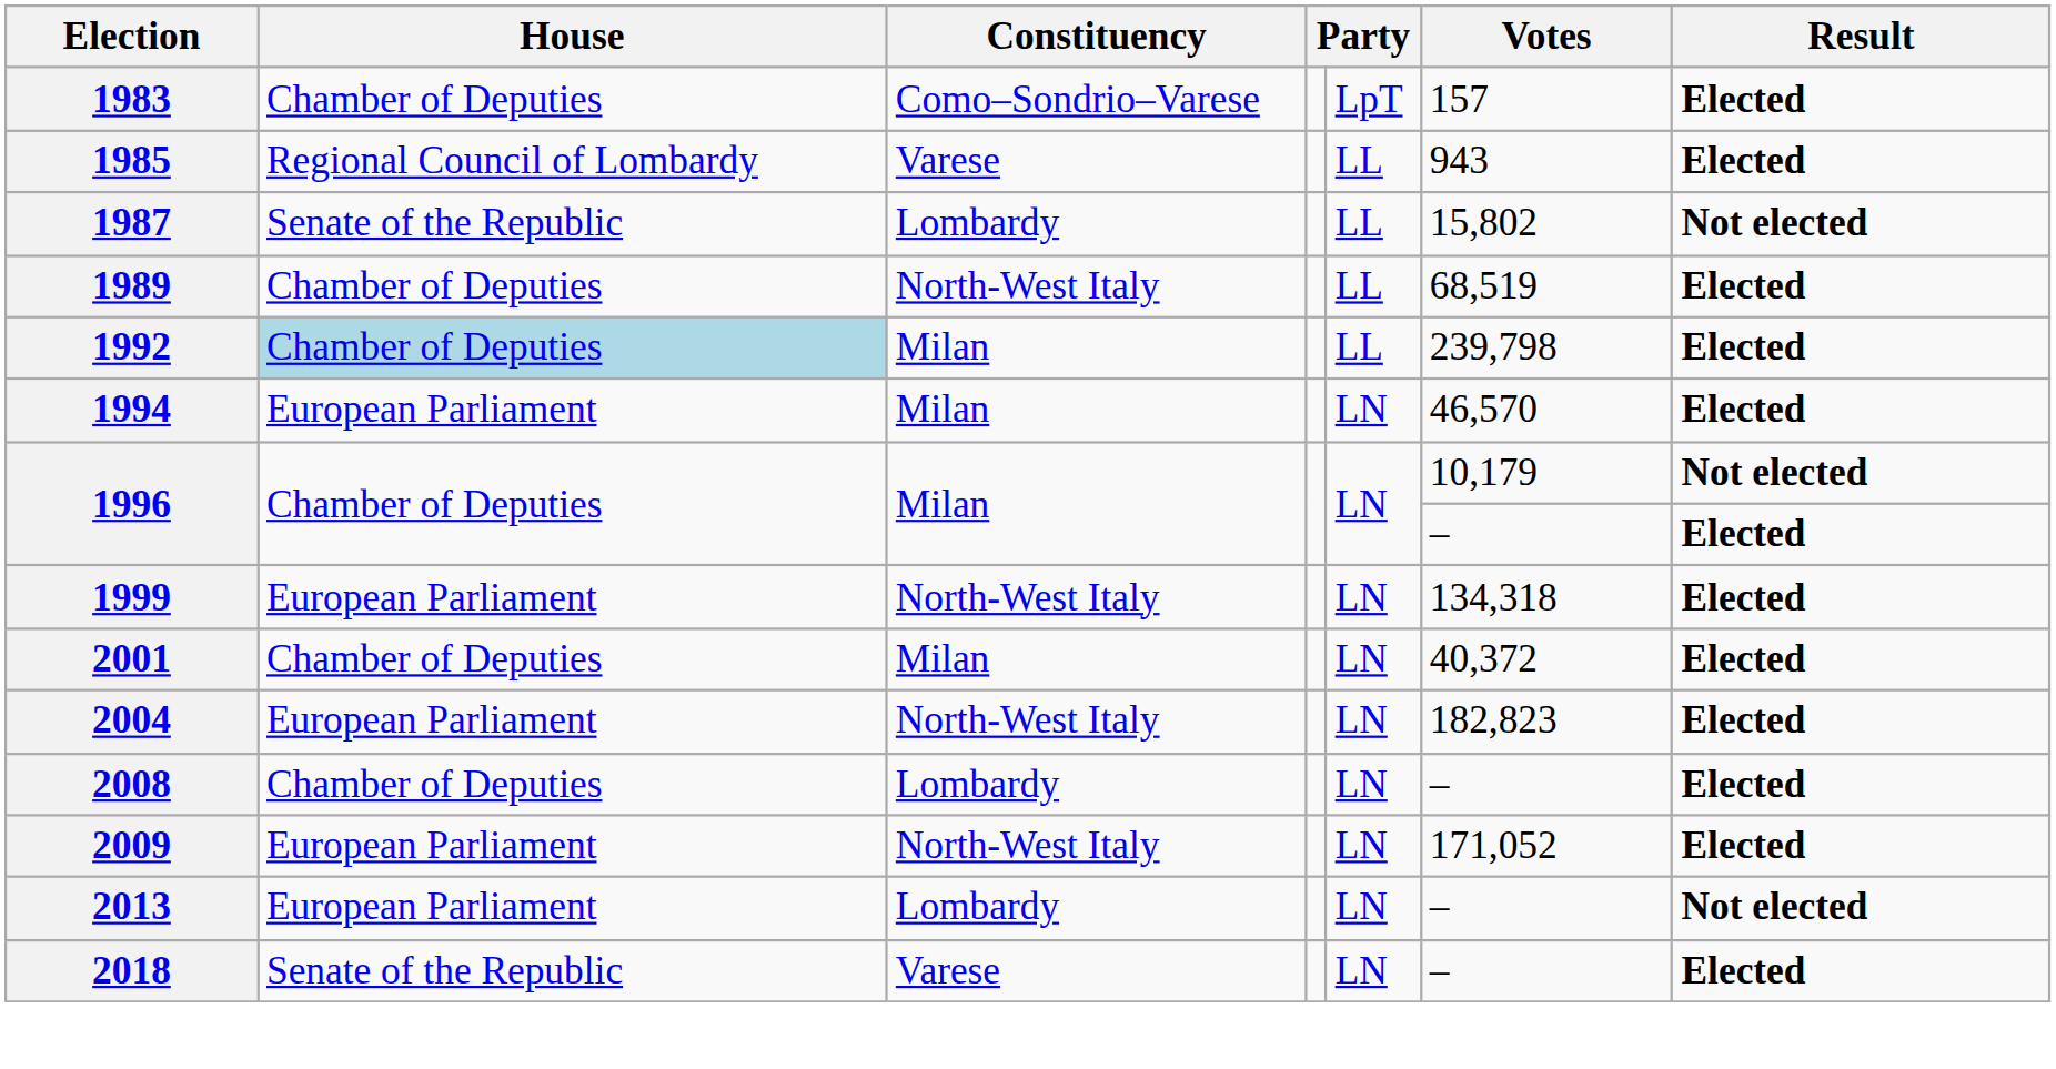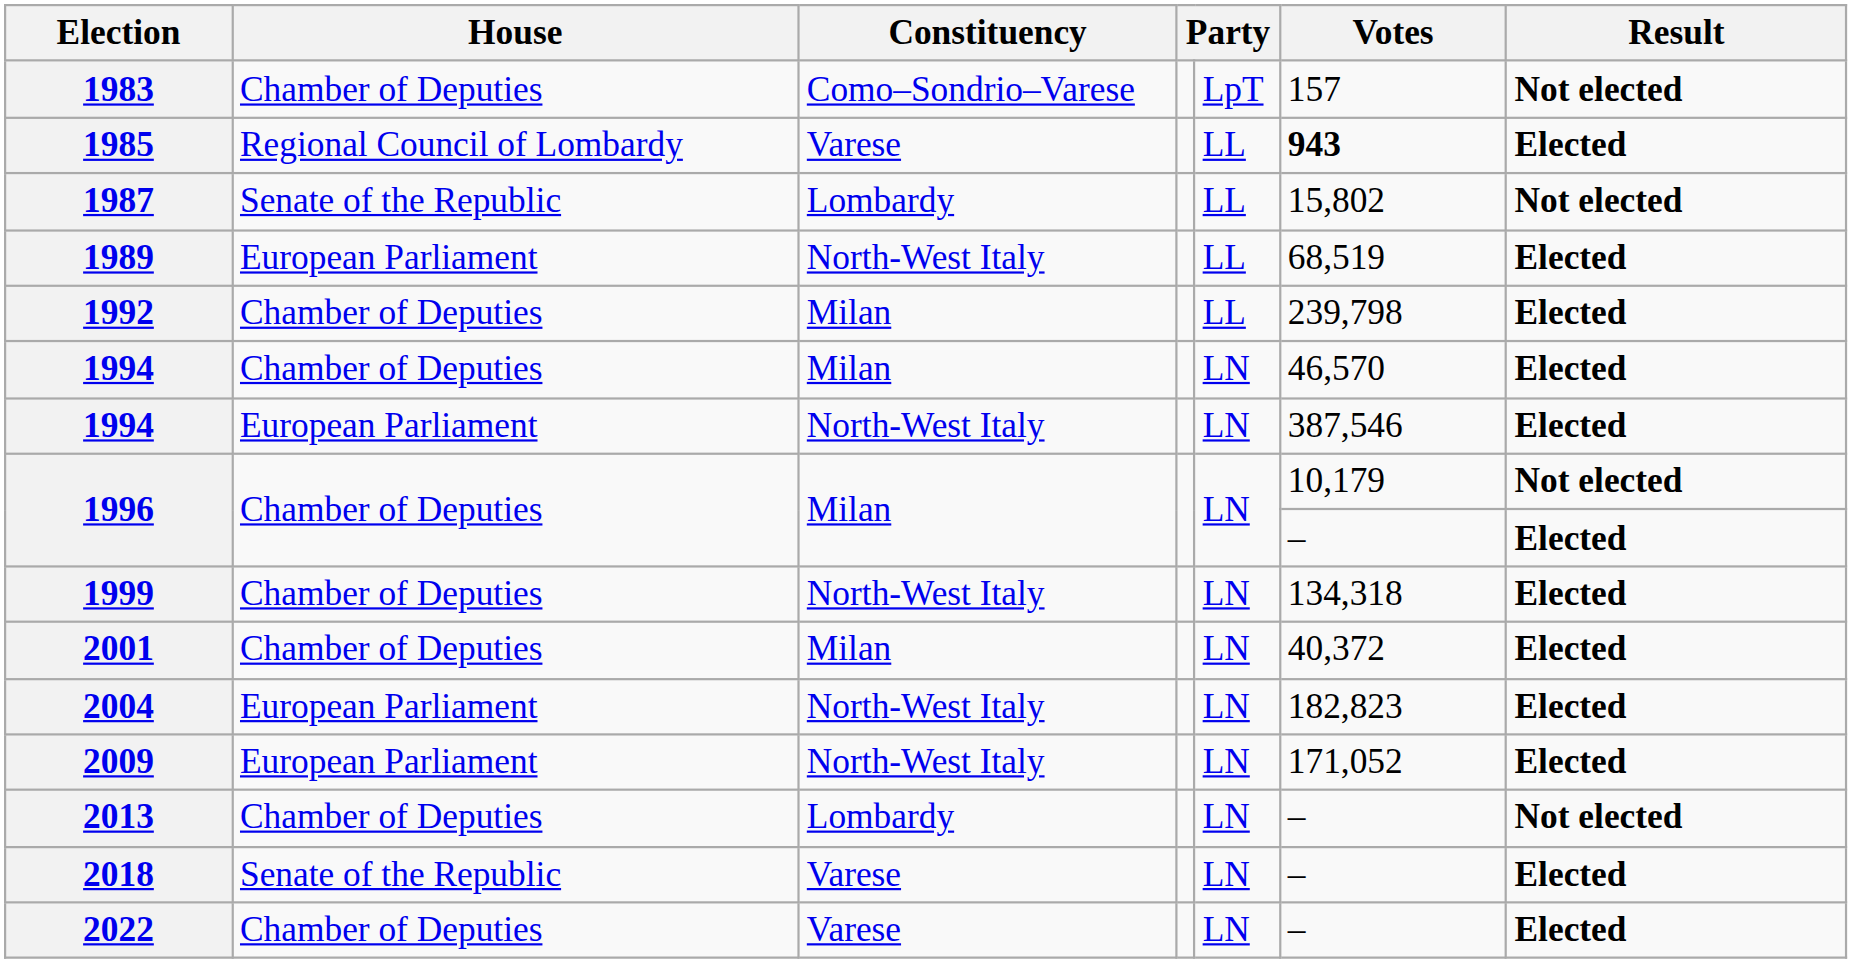 <table class=wikitable style="width:66%; border:1px #AAAAFF solid">
 <tr>
 <th width=12%>Election</th>
 <th width=30%>House</th>
 <th width=20%>Constituency</th>
 <th width=5% colspan="2">Party</th>
 <th width=12%>Votes</th>
 <th width=18%>Result</th>
 </tr>
 <tr>
 <th><a href='#'>1983</a></th>
 <td><a href='#'>Chamber of Deputies</a></td>
 <td><a href='#'>Como–Sondrio–Varese</a></td>
 <td></td>
 <td><a href='#'>LpT</a></td>
 <td>157</td>
-<td> <strong>Elected</strong></td>
+<td> <strong>Not elected</strong></td>
 </tr>
 <tr>
 <th><a href='#'>1985</a></th>
 <td><a href='#'>Regional Council of Lombardy</a></td>
 <td><a href='#'>Varese</a></td>
 <td></td>
 <td><a href='#'>LL</a></td>
-<td>943</td>
+<td><strong>943</strong></td>
 <td> <strong>Elected</strong></td>
 </tr>
 <tr>
 <th><a href='#'>1987</a></th>
 <td><a href='#'>Senate of the Republic</a></td>
 <td><a href='#'>Lombardy</a></td>
 <td></td>
 <td><a href='#'>LL</a></td>
 <td>15,802</td>
 <td> <strong>Not elected</strong></td>
 </tr>
 <tr>
 <th><a href='#'>1989</a></th>
-<td><a href='#'>Chamber of Deputies</a></td>
+<td><a href='#'>European Parliament</a></td>
 <td><a href='#'>North-West Italy</a></td>
 <td></td>
 <td><a href='#'>LL</a></td>
 <td>68,519</td>
 <td> <strong>Elected</strong></td>
 </tr>
 <tr>
 <th><a href='#'>1992</a></th>
-<td style="background: lightblue;"><a href='#'>Chamber of Deputies</a></td>
+<td><a href='#'>Chamber of Deputies</a></td>
 <td><a href='#'>Milan</a></td>
 <td></td>
 <td><a href='#'>LL</a></td>
 <td>239,798</td>
 <td> <strong>Elected</strong></td>
 </tr>
 <tr>
 <th><a href='#'>1994</a></th>
-<td><a href='#'>European Parliament</a></td>
+<td><a href='#'>Chamber of Deputies</a></td>
 <td><a href='#'>Milan</a></td>
 <td></td>
 <td><a href='#'>LN</a></td>
 <td>46,570</td>
+<td> <strong>Elected</strong></td>
+</tr>
+<tr>
+<th><a href='#'>1994</a></th>
+<td><a href='#'>European Parliament</a></td>
+<td><a href='#'>North-West Italy</a></td>
+<td></td>
+<td><a href='#'>LN</a></td>
+<td>387,546</td>
 <td> <strong>Elected</strong></td>
 </tr>
 <tr>
 <th rowspan=2><a href='#'>1996</a></th>
 <td rowspan=2><a href='#'>Chamber of Deputies</a></td>
 <td rowspan=2><a href='#'>Milan</a></td>
 <td rowspan=2></td>
 <td rowspan=2><a href='#'>LN</a></td>
 <td>10,179</td>
 <td> <strong>Not elected</strong></td>
 </tr>
 <tr>
 <td>–</td>
 <td> <strong>Elected</strong></td>
 </tr>
 <tr>
 <th><a href='#'>1999</a></th>
-<td><a href='#'>European Parliament</a></td>
+<td><a href='#'>Chamber of Deputies</a></td>
 <td><a href='#'>North-West Italy</a></td>
 <td></td>
 <td><a href='#'>LN</a></td>
 <td>134,318</td>
 <td> <strong>Elected</strong></td>
 </tr>
 <tr>
 <th><a href='#'>2001</a></th>
 <td><a href='#'>Chamber of Deputies</a></td>
 <td><a href='#'>Milan</a></td>
 <td></td>
 <td><a href='#'>LN</a></td>
 <td>40,372</td>
 <td> <strong>Elected</strong></td>
 </tr>
 <tr>
 <th><a href='#'>2004</a></th>
 <td><a href='#'>European Parliament</a></td>
 <td><a href='#'>North-West Italy</a></td>
 <td></td>
 <td><a href='#'>LN</a></td>
 <td>182,823</td>
 <td> <strong>Elected</strong></td>
 </tr>
 <tr>
-<th><a href='#'>2008</a></th>
-<td><a href='#'>Chamber of Deputies</a></td>
-<td><a href='#'>Lombardy</a></td>
-<td></td>
-<td><a href='#'>LN</a></td>
-<td>–</td>
-<td> <strong>Elected</strong></td>
-</tr>
-<tr>
 <th><a href='#'>2009</a></th>
 <td><a href='#'>European Parliament</a></td>
 <td><a href='#'>North-West Italy</a></td>
 <td></td>
 <td><a href='#'>LN</a></td>
 <td>171,052</td>
 <td> <strong>Elected</strong></td>
 </tr>
 <tr>
 <th><a href='#'>2013</a></th>
-<td><a href='#'>European Parliament</a></td>
+<td><a href='#'>Chamber of Deputies</a></td>
 <td><a href='#'>Lombardy</a></td>
 <td></td>
 <td><a href='#'>LN</a></td>
 <td>–</td>
 <td> <strong>Not elected</strong></td>
 </tr>
 <tr>
 <th><a href='#'>2018</a></th>
 <td><a href='#'>Senate of the Republic</a></td>
 <td><a href='#'>Varese</a></td>
 <td></td>
 <td><a href='#'>LN</a></td>
 <td>–</td>
 <td> <strong>Elected</strong></td>
 </tr>
+<tr>
+<th><a href='#'>2022</a></th>
+<td><a href='#'>Chamber of Deputies</a></td>
+<td><a href='#'>Varese</a></td>
+<td></td>
+<td><a href='#'>LN</a></td>
+<td>–</td>
+<td> <strong>Elected</strong></td>
+</tr>
 </table>
